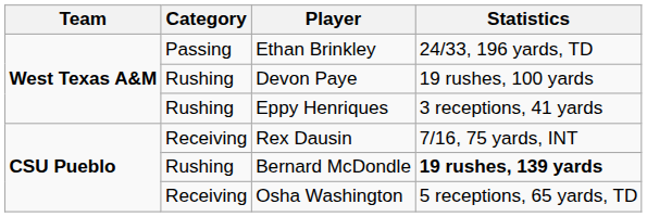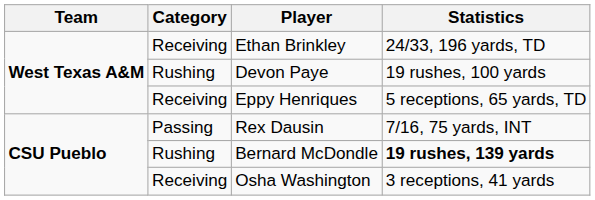 <table class="wikitable" style="float: left;">
 <tr>
 <th>Team</th>
 <th>Category</th>
 <th>Player</th>
 <th>Statistics</th>
 </tr>
 <tr>
 <td rowspan=3><strong>West Texas A&M</strong></td>
-<td>Passing</td>
+<td>Receiving</td>
 <td>Ethan Brinkley</td>
 <td>24/33, 196 yards, TD</td>
 </tr>
 <tr>
 <td>Rushing</td>
 <td>Devon Paye</td>
 <td>19 rushes, 100 yards</td>
 </tr>
 <tr>
-<td>Rushing</td>
+<td>Receiving</td>
 <td>Eppy Henriques</td>
-<td>3 receptions, 41 yards</td>
+<td>5 receptions, 65 yards, TD</td>
 </tr>
 <tr>
 <td rowspan=3><strong>CSU Pueblo</strong></td>
-<td>Receiving</td>
+<td>Passing</td>
 <td>Rex Dausin</td>
 <td>7/16, 75 yards, INT</td>
 </tr>
 <tr>
 <td>Rushing</td>
 <td>Bernard McDondle</td>
 <td><strong>19 rushes, 139 yards</strong></td>
 </tr>
 <tr>
 <td>Receiving</td>
 <td>Osha Washington</td>
-<td>5 receptions, 65 yards, TD</td>
+<td>3 receptions, 41 yards</td>
 </tr>
 </table>
